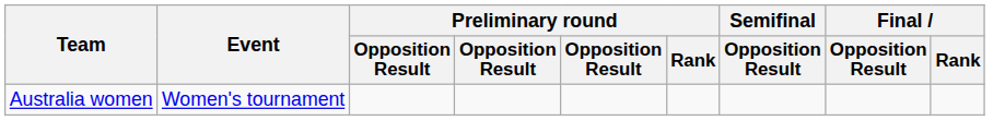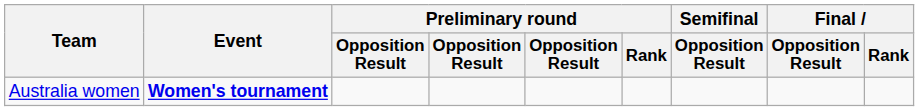 <table class=wikitable style=font-size:90%;text-align:center>
 <tr>
 <th rowspan=2>Team</th>
 <th rowspan=2>Event</th>
 <th colspan=4>Preliminary round</th>
 <th>Semifinal</th>
 <th colspan=2>Final / </th>
 </tr>
 <tr style=font-size:95%>
 <th>Opposition<br>Result</th>
 <th>Opposition<br>Result</th>
 <th>Opposition<br>Result</th>
 <th>Rank</th>
 <th>Opposition<br>Result</th>
 <th>Opposition<br>Result</th>
 <th>Rank</th>
 </tr>
 <tr>
 <td align=left><a href='#'>Australia women</a></td>
-<td align=left><a href='#'>Women's tournament</a></td>
+<td align=left><strong><a href='#'>Women's tournament</a></strong></td>
 <td></td>
 <td></td>
 <td></td>
 <td></td>
 <td></td>
 <td></td>
 <td></td>
 </tr>
 </table>
